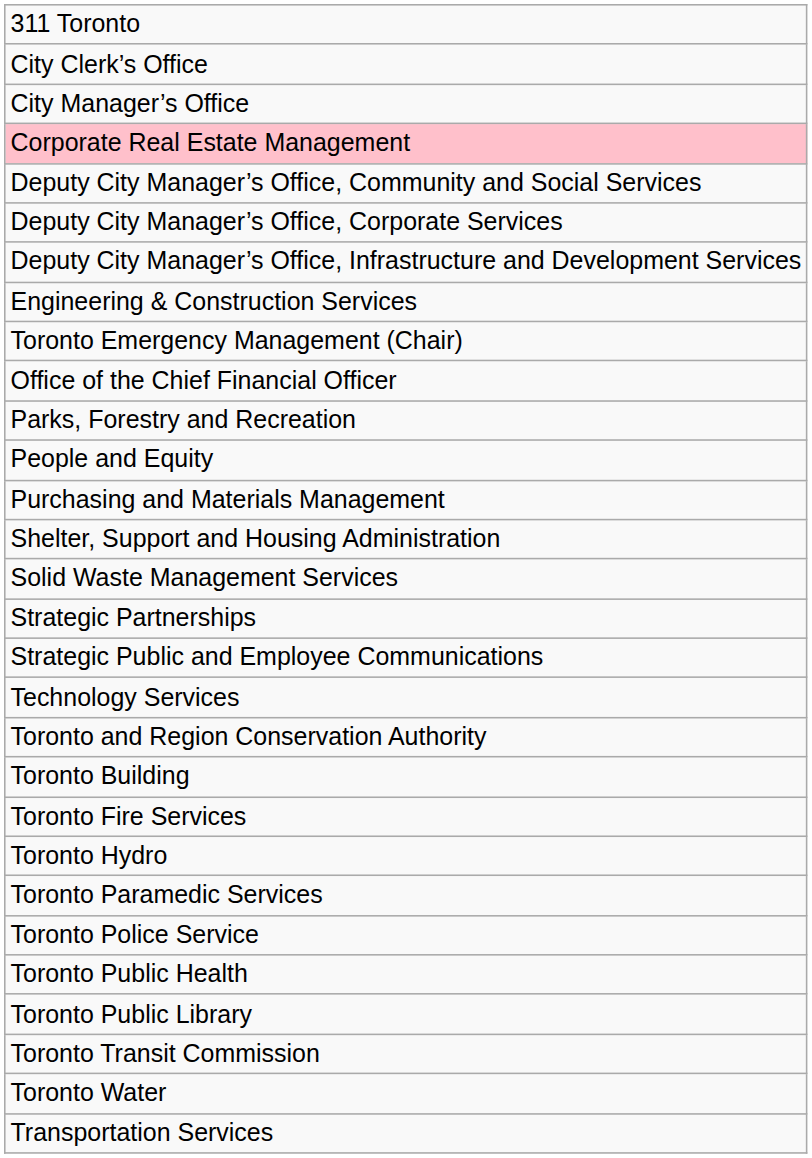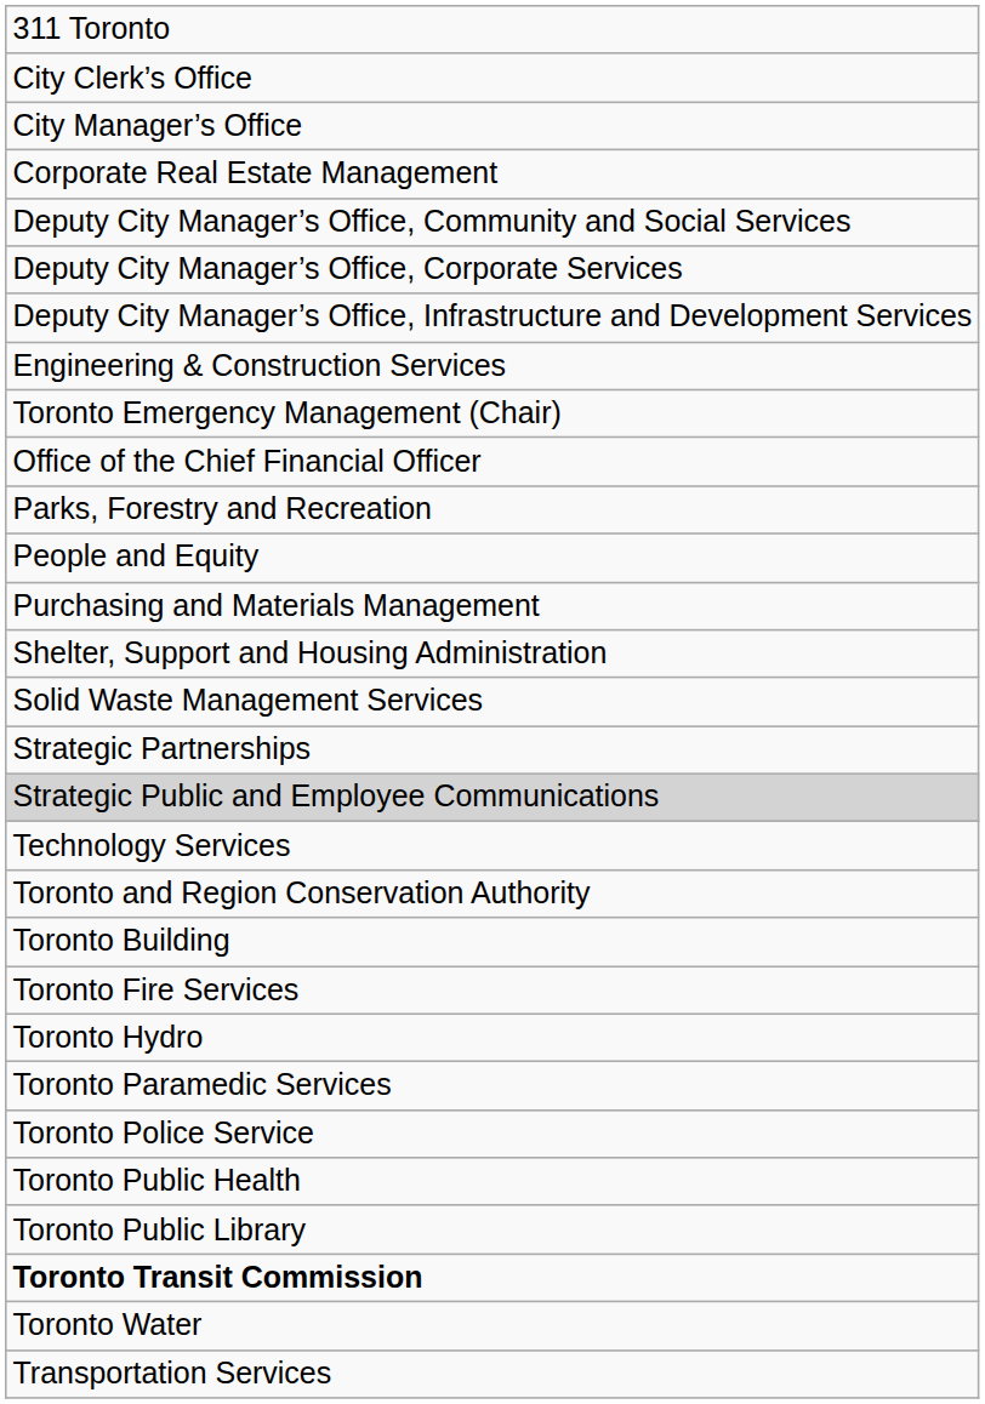 <table class="wikitable">
 <tr>
 <td>311 Toronto</td>
 </tr>
 <tr>
 <td>City Clerk’s Office</td>
 </tr>
 <tr>
 <td>City Manager’s Office</td>
 </tr>
 <tr>
-<td style="background: pink;">Corporate Real Estate Management</td>
+<td>Corporate Real Estate Management</td>
 </tr>
 <tr>
 <td>Deputy City Manager’s Office, Community and Social Services</td>
 </tr>
 <tr>
 <td>Deputy City Manager’s Office, Corporate Services</td>
 </tr>
 <tr>
 <td>Deputy City Manager’s Office, Infrastructure and Development Services</td>
 </tr>
 <tr>
 <td>Engineering & Construction Services</td>
 </tr>
 <tr>
 <td>Toronto Emergency Management (Chair)</td>
 </tr>
 <tr>
 <td>Office of the Chief Financial Officer</td>
 </tr>
 <tr>
 <td>Parks, Forestry and Recreation</td>
 </tr>
 <tr>
 <td>People and Equity</td>
 </tr>
 <tr>
 <td>Purchasing and Materials Management</td>
 </tr>
 <tr>
 <td>Shelter, Support and Housing Administration</td>
 </tr>
 <tr>
 <td>Solid Waste Management Services</td>
 </tr>
 <tr>
 <td>Strategic Partnerships</td>
 </tr>
 <tr>
-<td>Strategic Public and Employee Communications</td>
+<td style="background: lightgrey;">Strategic Public and Employee Communications</td>
 </tr>
 <tr>
 <td>Technology Services</td>
 </tr>
 <tr>
 <td>Toronto and Region Conservation Authority</td>
 </tr>
 <tr>
 <td>Toronto Building</td>
 </tr>
 <tr>
 <td>Toronto Fire Services</td>
 </tr>
 <tr>
 <td>Toronto Hydro</td>
 </tr>
 <tr>
 <td>Toronto Paramedic Services</td>
 </tr>
 <tr>
 <td>Toronto Police Service</td>
 </tr>
 <tr>
 <td>Toronto Public Health</td>
 </tr>
 <tr>
 <td>Toronto Public Library</td>
 </tr>
 <tr>
-<td>Toronto Transit Commission</td>
+<td><strong>Toronto Transit Commission</strong></td>
 </tr>
 <tr>
 <td>Toronto Water</td>
 </tr>
 <tr>
 <td>Transportation Services</td>
 </tr>
 </table>
